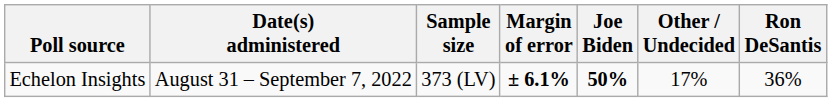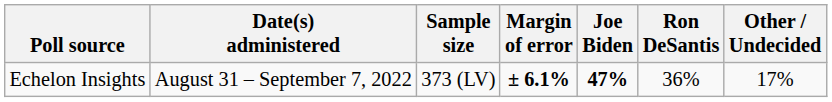 <table class="wikitable sortable mw-datatable" style="font-size:90%;text-align:center;line-height:17px">
 <tr valign=bottom>
 <th>Poll source</th>
 <th>Date(s)<br>administered</th>
 <th>Sample<br>size</th>
 <th>Margin<br>of error</th>
 <th class="unsortable">Joe<br>Biden<br></th>
+<th class="unsortable">Ron<br>DeSantis<br></th>
 <th class="unsortable">Other /<br>Undecided</th>
-<th class="unsortable">Ron<br>DeSantis<br></th>
 </tr>
 <tr>
 <td style="text-align:left;">Echelon Insights</td>
 <td data-sort-value="2022-09-07">August 31 – September 7, 2022</td>
 <td>373 (LV)</td>
 <td><strong>± 6.1%</strong></td>
-<td style="color:black;background-color:"><strong>50%</strong></td>
+<td style="color:black;background-color:"><strong>47%</strong></td>
+<td>36%</td>
 <td>17%</td>
-<td>36%</td>
 </tr>
 </table>
